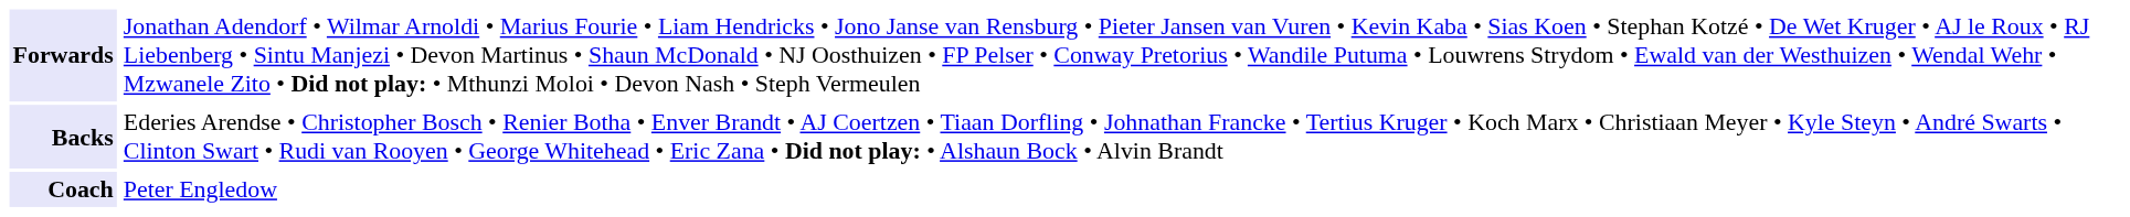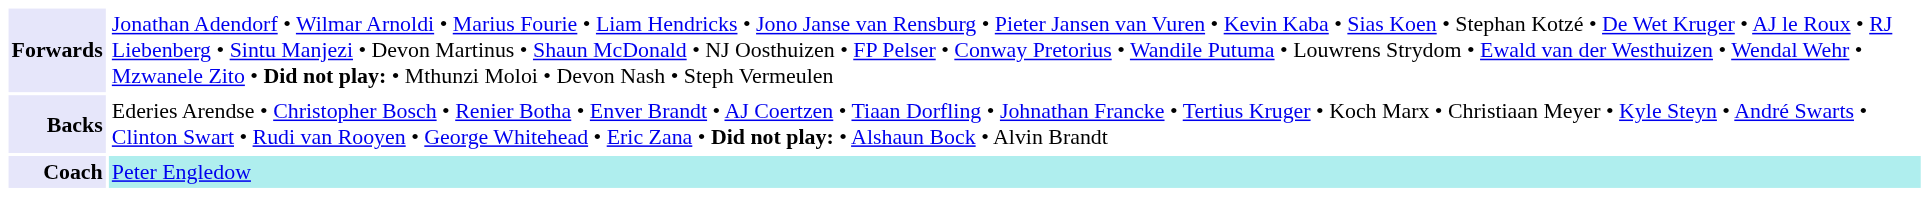 <table cellpadding="2" style="border: 1px solid white; font-size:90%;">
 <tr>
 <td style="text-align:right;" bgcolor="lavender"><strong>Forwards</strong></td>
 <td style="text-align:left;"><a href='#'>Jonathan Adendorf</a> • <a href='#'>Wilmar Arnoldi</a> • <a href='#'>Marius Fourie</a> • <a href='#'>Liam Hendricks</a> • <a href='#'>Jono Janse van Rensburg</a> • <a href='#'>Pieter Jansen van Vuren</a> • <a href='#'>Kevin Kaba</a> • <a href='#'>Sias Koen</a> • Stephan Kotzé • <a href='#'>De Wet Kruger</a> • <a href='#'>AJ le Roux</a> • <a href='#'>RJ Liebenberg</a> • <a href='#'>Sintu Manjezi</a> • Devon Martinus • <a href='#'>Shaun McDonald</a> • NJ Oosthuizen • <a href='#'>FP Pelser</a> • <a href='#'>Conway Pretorius</a> • <a href='#'>Wandile Putuma</a> • Louwrens Strydom • <a href='#'>Ewald van der Westhuizen</a> • <a href='#'>Wendal Wehr</a> • <a href='#'>Mzwanele Zito</a> • <strong>Did not play:</strong> • Mthunzi Moloi • Devon Nash • Steph Vermeulen</td>
 </tr>
 <tr>
 <td style="text-align:right;" bgcolor="lavender"><strong>Backs</strong></td>
 <td style="text-align:left;">Ederies Arendse • <a href='#'>Christopher Bosch</a> • <a href='#'>Renier Botha</a> • <a href='#'>Enver Brandt</a> • <a href='#'>AJ Coertzen</a> • <a href='#'>Tiaan Dorfling</a> • <a href='#'>Johnathan Francke</a> • <a href='#'>Tertius Kruger</a> • Koch Marx • Christiaan Meyer • <a href='#'>Kyle Steyn</a> • <a href='#'>André Swarts</a> • <a href='#'>Clinton Swart</a> • <a href='#'>Rudi van Rooyen</a> • <a href='#'>George Whitehead</a> • <a href='#'>Eric Zana</a> • <strong>Did not play:</strong> • <a href='#'>Alshaun Bock</a> • Alvin Brandt</td>
 </tr>
 <tr>
 <td style="text-align:right;" bgcolor="lavender"><strong>Coach</strong></td>
-<td style="text-align:left;"><a href='#'>Peter Engledow</a></td>
+<td style="background: paleturquoise; text-align:left;"><a href='#'>Peter Engledow</a></td>
 </tr>
 </table>
